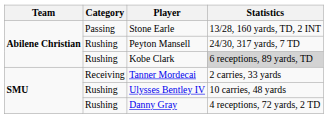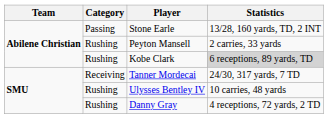 <table class="wikitable" style="float: left;">
 <tr>
 <th>Team</th>
 <th>Category</th>
 <th>Player</th>
 <th>Statistics</th>
 </tr>
 <tr>
 <td rowspan=3><strong>Abilene Christian</strong></td>
 <td>Passing</td>
 <td>Stone Earle</td>
 <td>13/28, 160 yards, TD, 2 INT</td>
 </tr>
 <tr>
 <td>Rushing</td>
 <td>Peyton Mansell</td>
-<td>24/30, 317 yards, 7 TD</td>
+<td>2 carries, 33 yards</td>
 </tr>
 <tr>
 <td>Rushing</td>
 <td>Kobe Clark</td>
 <td style="background: lightgrey;">6 receptions, 89 yards, TD</td>
 </tr>
 <tr>
 <td rowspan=3><strong>SMU</strong></td>
 <td>Receiving</td>
 <td><a href='#'>Tanner Mordecai</a></td>
-<td>2 carries, 33 yards</td>
+<td>24/30, 317 yards, 7 TD</td>
 </tr>
 <tr>
 <td>Rushing</td>
 <td><a href='#'>Ulysses Bentley IV</a></td>
 <td>10 carries, 48 yards</td>
 </tr>
 <tr>
 <td>Rushing</td>
 <td><a href='#'>Danny Gray</a></td>
 <td>4 receptions, 72 yards, 2 TD</td>
 </tr>
 </table>
